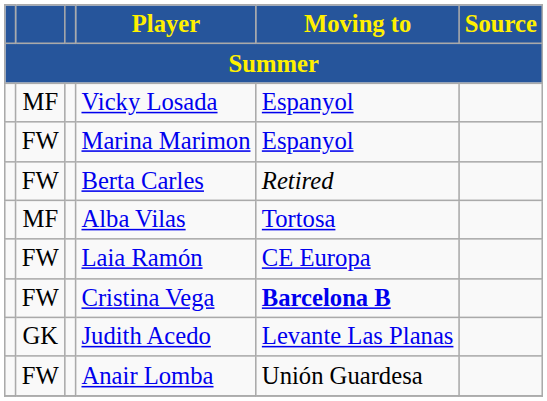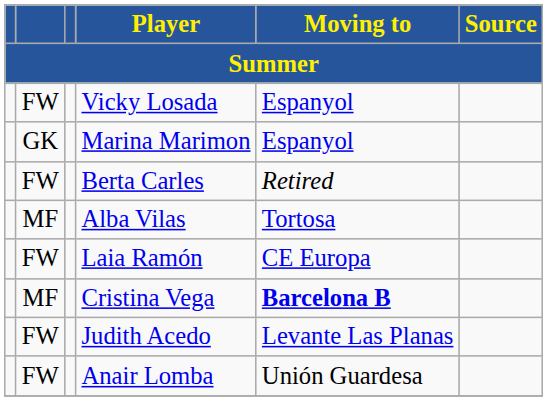 <table class="wikitable plainrowheaders sortable" style="text-align:center">
 <tr>
 <th style="background:#26559B; color:#FFF000; "></th>
 <th style="background:#26559B; color:#FFF000; "></th>
 <th style="background:#26559B; color:#FFF000; "></th>
 <th style="background:#26559B; color:#FFF000; ">Player</th>
 <th style="background:#26559B; color:#FFF000; ">Moving to</th>
 <th style="background:#26559B; color:#FFF000; ">Source</th>
 </tr>
 <tr>
 <th colspan="6" style="background:#26559B; color:#FFF000; ">Summer</th>
 </tr>
 <tr>
 <td></td>
-<td>MF</td>
+<td>FW</td>
 <td></td>
 <td align="left"><a href='#'>Vicky Losada</a></td>
 <td align="left"><a href='#'>Espanyol</a></td>
 <td></td>
 </tr>
 <tr>
 <td></td>
-<td>FW</td>
+<td>GK</td>
 <td></td>
 <td align="left"><a href='#'>Marina Marimon</a></td>
 <td align="left"><a href='#'>Espanyol</a></td>
 <td></td>
 </tr>
 <tr>
 <td></td>
 <td>FW</td>
 <td></td>
 <td align="left"><a href='#'>Berta Carles</a></td>
 <td align="left"><em>Retired</em></td>
 <td></td>
 </tr>
 <tr>
 <td></td>
 <td>MF</td>
 <td></td>
 <td align="left"><a href='#'>Alba Vilas</a></td>
 <td align="left"><a href='#'>Tortosa</a></td>
 <td></td>
 </tr>
 <tr>
 <td></td>
 <td>FW</td>
 <td></td>
 <td align="left"><a href='#'>Laia Ramón</a></td>
 <td align="left"><a href='#'>CE Europa</a></td>
 <td></td>
 </tr>
 <tr>
 <td></td>
-<td>FW</td>
+<td>MF</td>
 <td></td>
 <td align="left"><a href='#'>Cristina Vega</a></td>
 <td align="left"><strong><a href='#'>Barcelona B</a></strong></td>
 <td></td>
 </tr>
 <tr>
 <td></td>
-<td>GK</td>
+<td>FW</td>
 <td></td>
 <td align="left"><a href='#'>Judith Acedo</a></td>
 <td align="left"><a href='#'>Levante Las Planas</a></td>
 <td></td>
 </tr>
 <tr>
 <td></td>
 <td>FW</td>
 <td></td>
 <td align="left"><a href='#'>Anair Lomba</a></td>
 <td align="left">Unión Guardesa</td>
 <td></td>
 </tr>
 <tr>
 </tr>
 </table>
